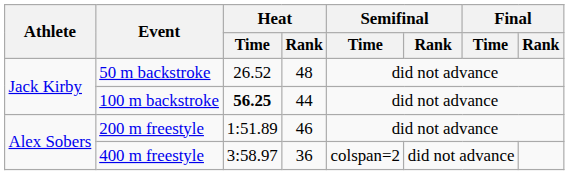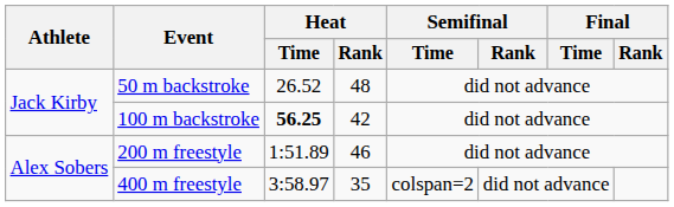 <table class="wikitable" style="text-align:center; font-size:90%">
 <tr>
 <th rowspan="2">Athlete</th>
 <th rowspan="2">Event</th>
 <th colspan="2">Heat</th>
 <th colspan="2">Semifinal</th>
 <th colspan="2">Final</th>
 </tr>
 <tr style="font-size:95%">
 <th>Time</th>
 <th>Rank</th>
 <th>Time</th>
 <th>Rank</th>
 <th>Time</th>
 <th>Rank</th>
 </tr>
 <tr>
 <td align=left rowspan=2><a href='#'>Jack Kirby</a></td>
 <td align=left><a href='#'>50 m backstroke</a></td>
 <td>26.52</td>
 <td>48</td>
 <td colspan=4>did not advance</td>
 </tr>
 <tr>
 <td align=left><a href='#'>100 m backstroke</a></td>
 <td><strong>56.25</strong></td>
-<td>44</td>
+<td>42</td>
 <td colspan=4>did not advance</td>
 </tr>
 <tr>
 <td align=left rowspan=2><a href='#'>Alex Sobers</a></td>
 <td align=left><a href='#'>200 m freestyle</a></td>
 <td>1:51.89</td>
 <td>46</td>
 <td colspan=4>did not advance</td>
 </tr>
 <tr>
 <td align=left><a href='#'>400 m freestyle</a></td>
 <td>3:58.97</td>
-<td>36</td>
+<td>35</td>
 <td>colspan=2 </td>
 <td colspan=2>did not advance</td>
 </tr>
 </table>
